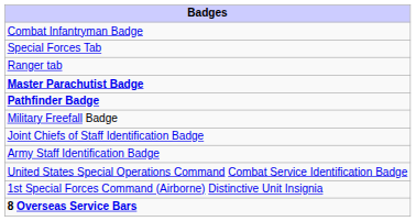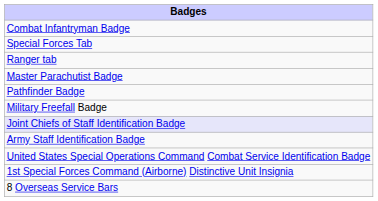 <table class="wikitable">
 <tr style="background:#ccf; text-align:center;">
 <td colspan=2><strong>Badges</strong></td>
 </tr>
 <tr>
 <td> <a href='#'>Combat Infantryman Badge</a></td>
 </tr>
 <tr>
 <td> <a href='#'>Special Forces Tab</a></td>
 </tr>
 <tr>
 <td> <a href='#'>Ranger tab</a></td>
 </tr>
 <tr>
-<td><strong> <a href='#'>Master Parachutist Badge</a></strong></td>
+<td> <a href='#'>Master Parachutist Badge</a></td>
 </tr>
 <tr>
-<td><strong> <a href='#'>Pathfinder Badge</a></strong></td>
+<td> <a href='#'>Pathfinder Badge</a></td>
 </tr>
 <tr>
 <td>  <a href='#'>Military Freefall</a> Badge</td>
 </tr>
 <tr>
-<td> <a href='#'>Joint Chiefs of Staff Identification Badge</a></td>
+<td style="background: lavender;"> <a href='#'>Joint Chiefs of Staff Identification Badge</a></td>
 </tr>
 <tr>
 <td> <a href='#'>Army Staff Identification Badge</a></td>
 </tr>
 <tr>
 <td> <a href='#'>United States Special Operations Command</a> <a href='#'>Combat Service Identification Badge</a></td>
 </tr>
 <tr>
 <td> <a href='#'>1st Special Forces Command (Airborne)</a> <a href='#'>Distinctive Unit Insignia</a></td>
 </tr>
 <tr>
-<td><strong> 8 <a href='#'>Overseas Service Bars</a></strong></td>
+<td> 8 <a href='#'>Overseas Service Bars</a></td>
 </tr>
 </table>
